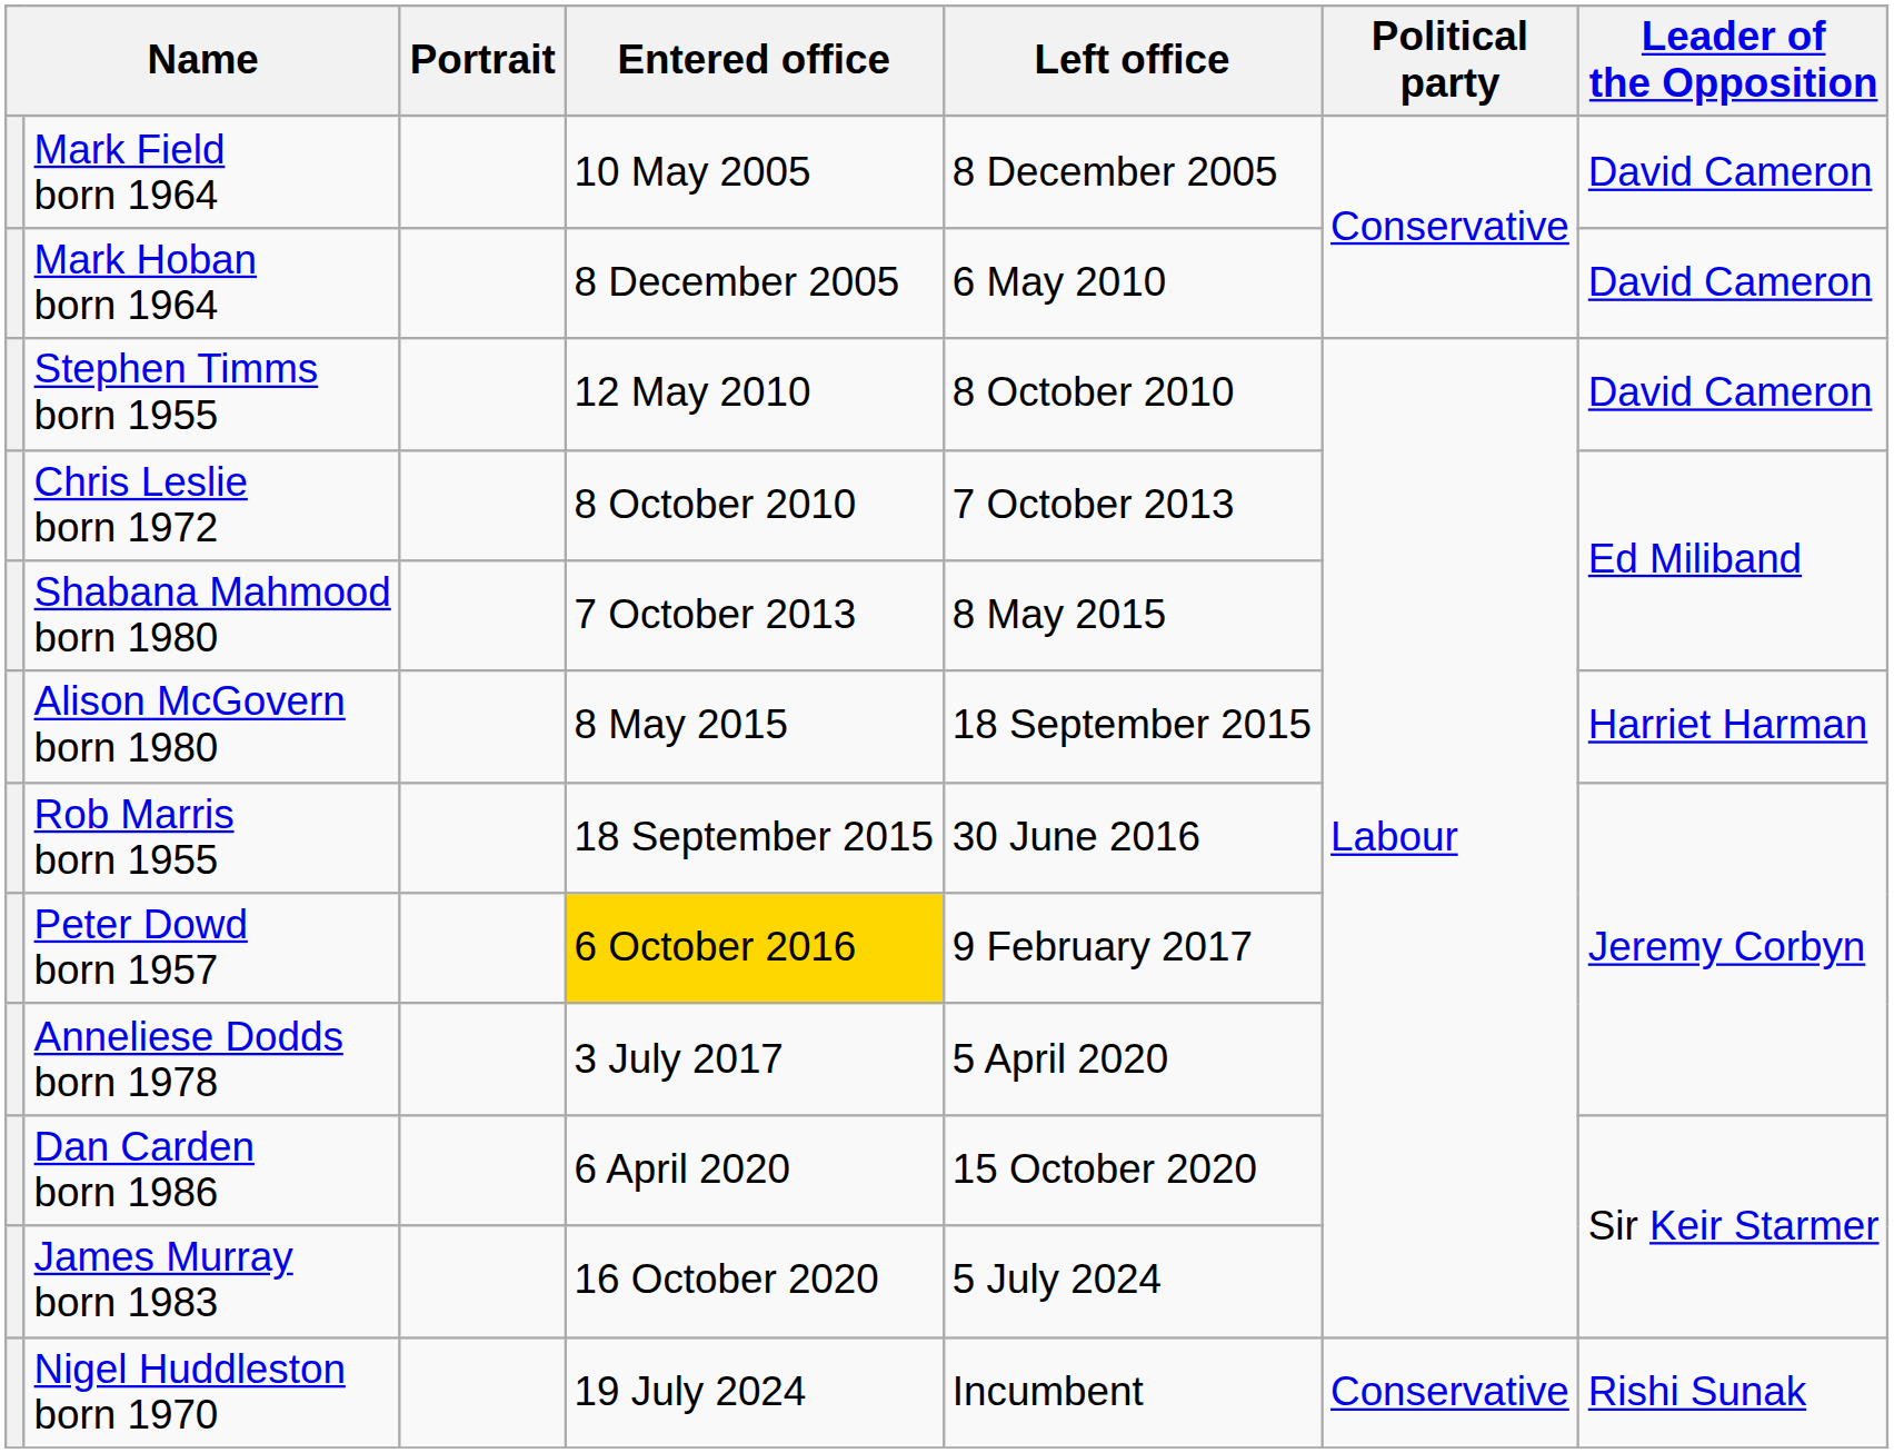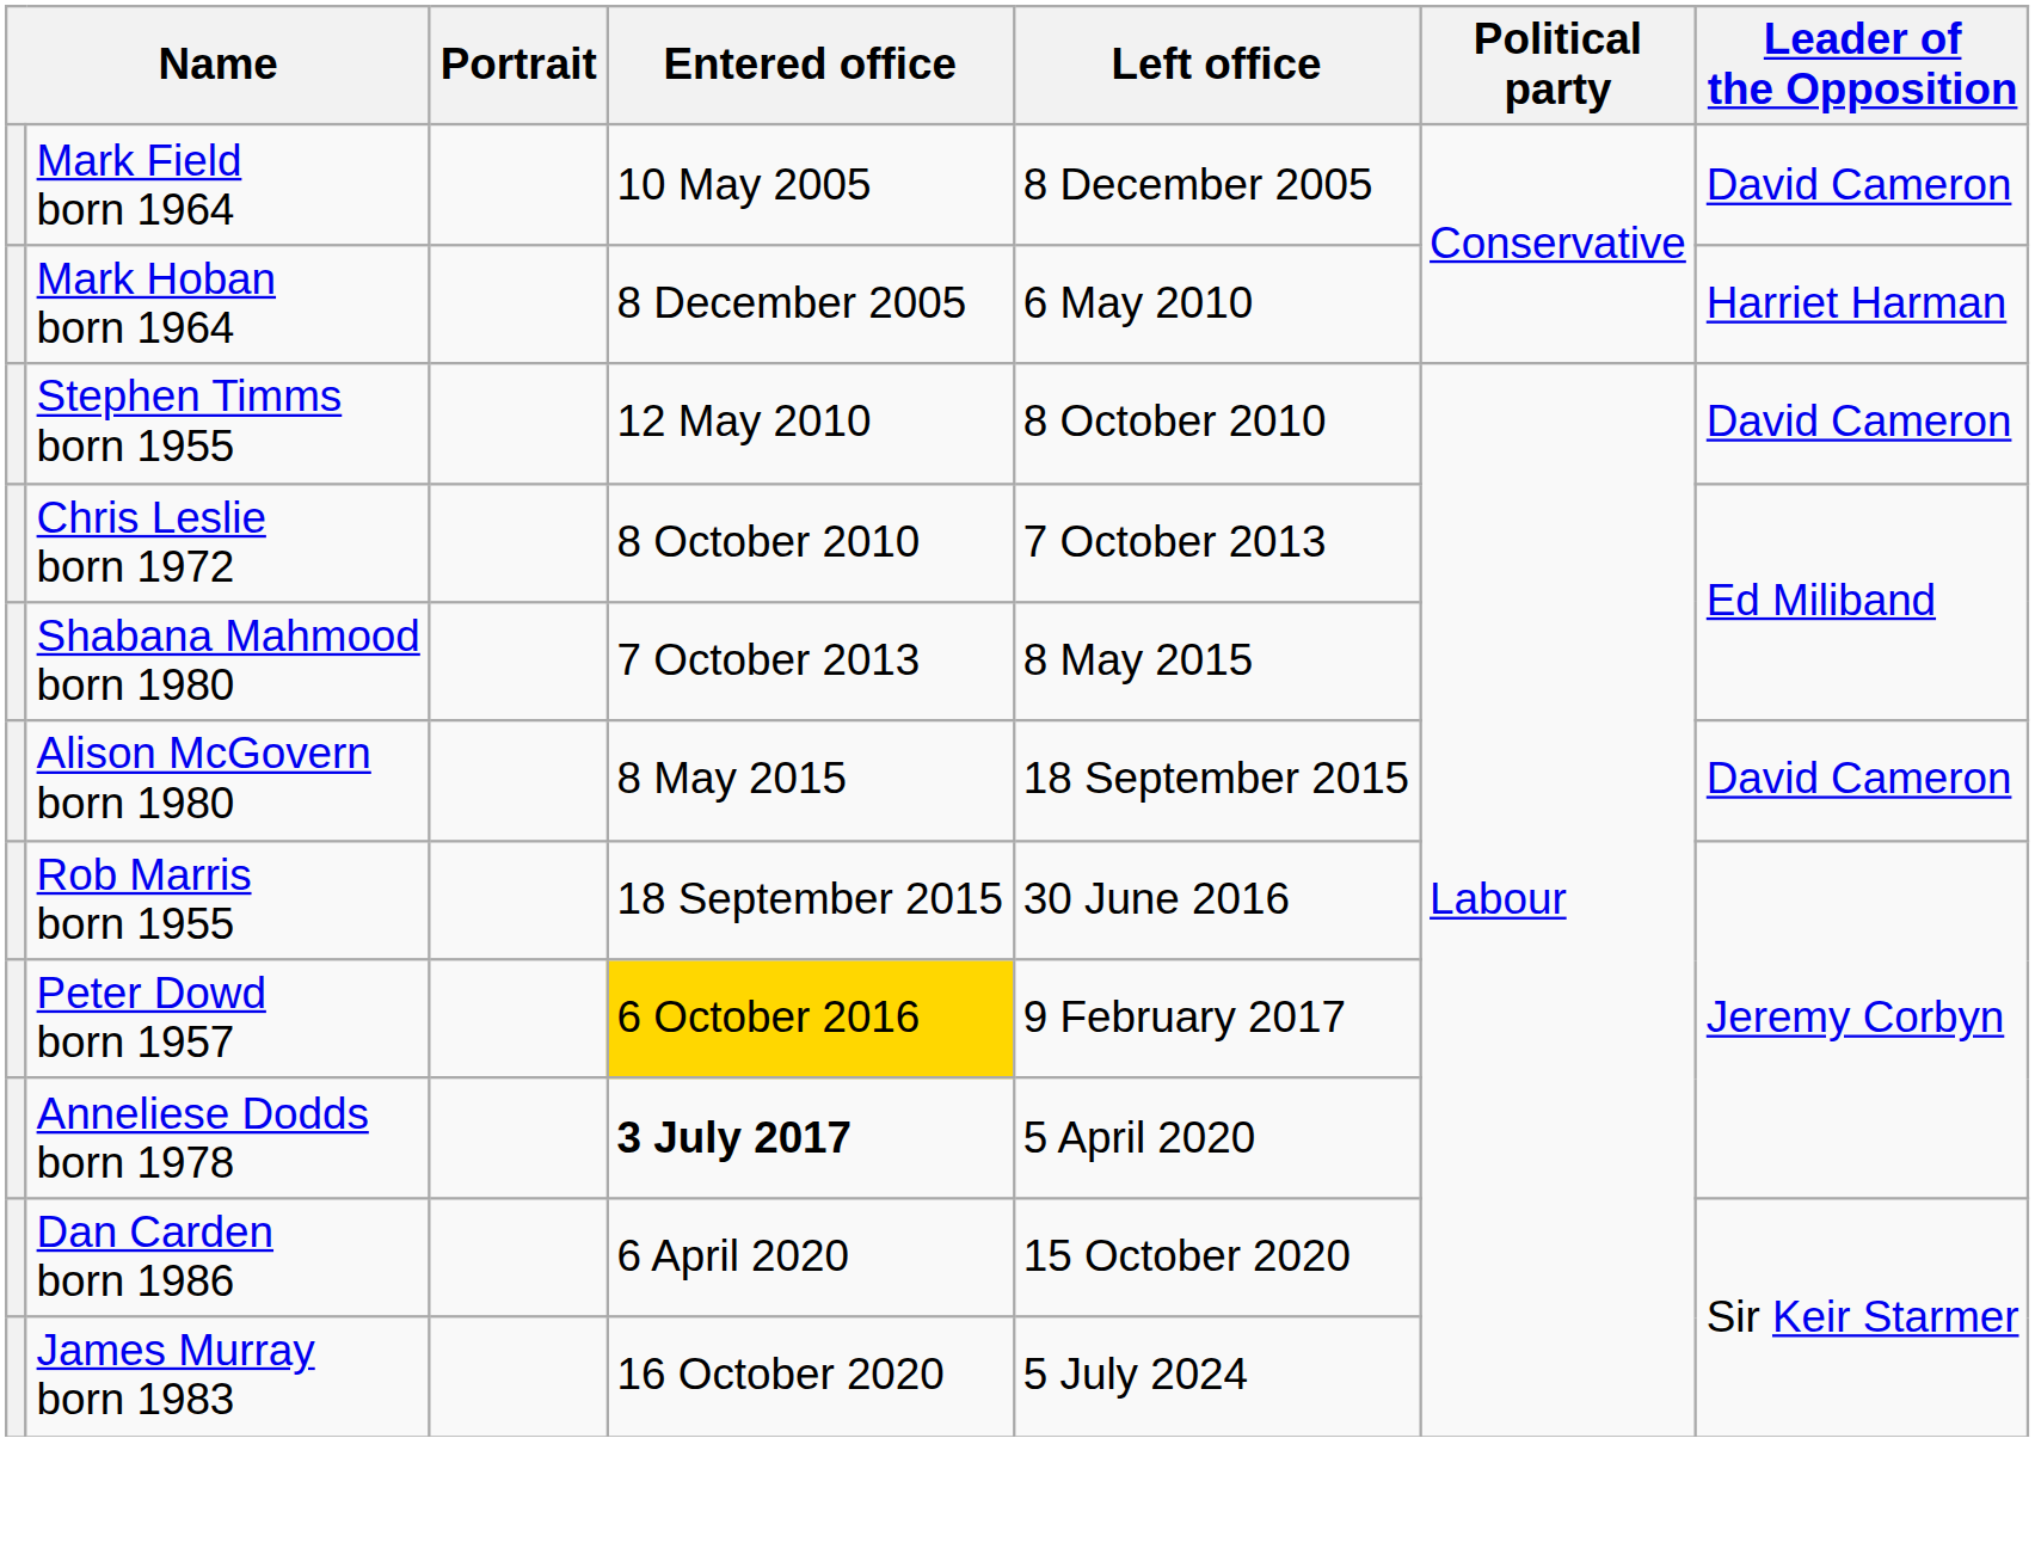 <table class="wikitable">
 <tr>
 <th colspan="2">Name</th>
 <th width="50">Portrait</th>
 <th>Entered office</th>
 <th>Left office</th>
 <th width="50">Political party</th>
 <th><a href='#'>Leader of</a><br><a href='#'>the Opposition</a></th>
 </tr>
 <tr>
 <th style="background-color: "></th>
 <td><a href='#'>Mark Field</a><br>born 1964</td>
 <td></td>
 <td>10 May 2005 </td>
 <td>8 December 2005</td>
 <td rowspan="2"><a href='#'>Conservative</a></td>
 <td><a href='#'>David Cameron</a></td>
 </tr>
 <tr>
 <th style="background-color: "></th>
 <td><a href='#'>Mark Hoban</a><br>born 1964</td>
 <td></td>
 <td>8 December 2005</td>
 <td>6 May 2010</td>
-<td><a href='#'>David Cameron</a></td>
+<td><a href='#'>Harriet Harman</a><br></td>
 </tr>
 <tr>
 <th style="background-color: "></th>
 <td><a href='#'>Stephen Timms</a><br>born 1955</td>
 <td></td>
 <td>12 May 2010</td>
 <td>8 October 2010</td>
 <td rowspan="9"><a href='#'>Labour</a></td>
 <td><a href='#'>David Cameron</a></td>
 </tr>
 <tr>
 <th style="background-color: "></th>
 <td><a href='#'>Chris Leslie</a><br>born 1972</td>
 <td></td>
 <td>8 October 2010</td>
 <td>7 October 2013</td>
 <td rowspan="2"><a href='#'>Ed Miliband</a></td>
 </tr>
 <tr>
 <th style="background-color: "></th>
 <td><a href='#'>Shabana Mahmood</a><br>born 1980</td>
 <td></td>
 <td>7 October 2013</td>
 <td>8 May 2015</td>
 </tr>
 <tr>
 <th style="background-color: "></th>
 <td><a href='#'>Alison McGovern</a><br>born 1980</td>
 <td></td>
 <td>8 May 2015</td>
 <td>18 September 2015</td>
-<td><a href='#'>Harriet Harman</a><br></td>
+<td><a href='#'>David Cameron</a></td>
 </tr>
 <tr>
 <th style="background-color: "></th>
 <td><a href='#'>Rob Marris</a><br>born 1955</td>
 <td></td>
 <td>18 September 2015</td>
 <td>30 June 2016</td>
 <td rowspan="3"><a href='#'>Jeremy Corbyn</a></td>
 </tr>
 <tr>
 <th style="background-color: "></th>
 <td><a href='#'>Peter Dowd</a><br>born 1957</td>
 <td></td>
 <td style="background: gold;">6 October 2016</td>
 <td>9 February 2017</td>
 </tr>
 <tr>
 <th style="background-color: "></th>
 <td><a href='#'>Anneliese Dodds</a><br>born 1978</td>
 <td></td>
-<td>3 July 2017</td>
+<td><strong>3 July 2017</strong></td>
 <td>5 April 2020</td>
 </tr>
 <tr>
 <th style="background-color: "></th>
 <td><a href='#'>Dan Carden</a><br>born 1986</td>
 <td></td>
 <td>6 April 2020</td>
 <td>15 October 2020</td>
 <td rowspan="2">Sir <a href='#'>Keir Starmer</a></td>
 </tr>
 <tr>
 <th style="background-color: "></th>
 <td><a href='#'>James Murray</a><br>born 1983</td>
 <td></td>
 <td>16 October 2020</td>
 <td>5 July 2024</td>
 </tr>
-<tr>
-<th style="background-color: "></th>
-<td><a href='#'>Nigel Huddleston</a><br>born 1970</td>
-<td></td>
-<td>19 July 2024</td>
-<td>Incumbent</td>
-<td><a href='#'>Conservative</a></td>
-<td><a href='#'>Rishi Sunak</a></td>
-</tr>
 </table>
